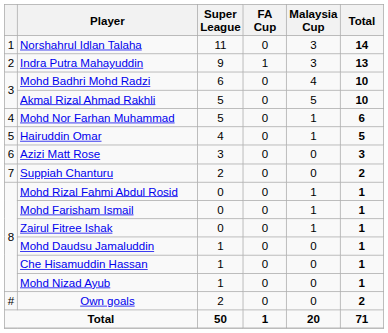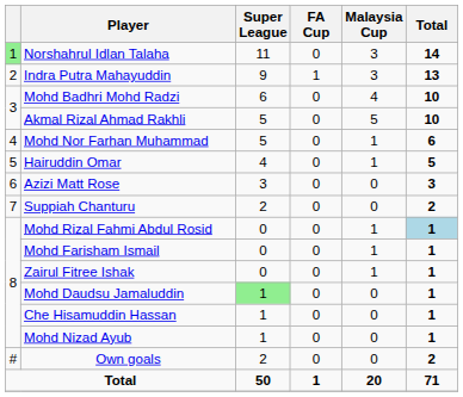 <table class="wikitable sortable" style="font-size: 95%; text-align: center;">
 <tr>
 <th width=10></th>
 <th width=230>Player</th>
 <th width=50>Super League</th>
 <th width=50>FA Cup</th>
 <th width=50>Malaysia Cup</th>
 <th width=50>Total</th>
 </tr>
 <tr>
-<td align=center rowspan=1>1</td>
+<td align=center rowspan=1 style="background: lightgreen;">1</td>
 <td align=left>  <a href='#'>Norshahrul Idlan Talaha</a></td>
 <td align=center>11</td>
 <td align=center>0</td>
 <td align=center>3</td>
 <td align=center><strong>14</strong></td>
 </tr>
 <tr>
 <td align=center rowspan=1>2</td>
 <td align=left>  <a href='#'>Indra Putra Mahayuddin</a></td>
 <td align=center>9</td>
 <td align=center>1</td>
 <td align=center>3</td>
 <td align=center><strong>13</strong></td>
 </tr>
 <tr>
 <td align=center rowspan=2>3</td>
 <td align=left>  <a href='#'>Mohd Badhri Mohd Radzi</a></td>
 <td align=center>6</td>
 <td align=center>0</td>
 <td align=center>4</td>
 <td align=center><strong>10</strong></td>
 </tr>
 <tr>
 <td align=left>  <a href='#'>Akmal Rizal Ahmad Rakhli</a></td>
 <td align=center>5</td>
 <td align=center>0</td>
 <td align=center>5</td>
 <td align=center><strong>10</strong></td>
 </tr>
 <tr>
 <td align=center rowspan=1>4</td>
 <td align=left>  <a href='#'>Mohd Nor Farhan Muhammad</a></td>
 <td align=center>5</td>
 <td align=center>0</td>
 <td align=center>1</td>
 <td align=center><strong>6</strong></td>
 </tr>
 <tr>
 <td align=center rowspan=1>5</td>
 <td align=left>  <a href='#'>Hairuddin Omar</a></td>
 <td align=center>4</td>
 <td align=center>0</td>
 <td align=center>1</td>
 <td align=center><strong>5</strong></td>
 </tr>
 <tr>
 <td align=center rowspan=1>6</td>
 <td align=left>  <a href='#'>Azizi Matt Rose</a></td>
 <td align=center>3</td>
 <td align=center>0</td>
 <td align=center>0</td>
 <td align=center><strong>3</strong></td>
 </tr>
 <tr>
 <td align=center rowspan=1>7</td>
 <td align=left>  <a href='#'>Suppiah Chanturu</a></td>
 <td align=center>2</td>
 <td align=center>0</td>
 <td align=center>0</td>
 <td align=center><strong>2</strong></td>
 </tr>
 <tr>
 <td align=center rowspan=6>8</td>
 <td align=left>  <a href='#'>Mohd Rizal Fahmi Abdul Rosid</a></td>
 <td align=center>0</td>
 <td align=center>0</td>
 <td align=center>1</td>
-<td align=center><strong>1</strong></td>
+<td align=center style="background: lightblue;"><strong>1</strong></td>
 </tr>
 <tr>
 <td align=left>  <a href='#'>Mohd Farisham Ismail</a></td>
 <td align=center>0</td>
 <td align=center>0</td>
 <td align=center>1</td>
 <td align=center><strong>1</strong></td>
 </tr>
 <tr>
 <td align=left>  <a href='#'>Zairul Fitree Ishak</a></td>
 <td align=center>0</td>
 <td align=center>0</td>
 <td align=center>1</td>
 <td align=center><strong>1</strong></td>
 </tr>
 <tr>
 <td align=left>  <a href='#'>Mohd Daudsu Jamaluddin</a></td>
-<td align=center>1</td>
+<td align=center style="background: lightgreen;">1</td>
 <td align=center>0</td>
 <td align=center>0</td>
 <td align=center><strong>1</strong></td>
 </tr>
 <tr>
 <td align=left>  <a href='#'>Che Hisamuddin Hassan</a></td>
 <td align=center>1</td>
 <td align=center>0</td>
 <td align=center>0</td>
 <td align=center><strong>1</strong></td>
 </tr>
 <tr>
 <td align=left>  <a href='#'>Mohd Nizad Ayub</a></td>
 <td align=center>1</td>
 <td align=center>0</td>
 <td align=center>0</td>
 <td align=center><strong>1</strong></td>
 </tr>
 <tr>
 <td>#</td>
 <td colspan="1"><a href='#'>Own goals</a></td>
 <td>2</td>
 <td>0</td>
 <td>0</td>
 <td><strong>2</strong></td>
 </tr>
 <tr>
 <td colspan=2><strong>Total</strong></td>
 <td align=center><strong>50</strong></td>
 <td align=center><strong>1</strong></td>
 <td align=center><strong>20</strong></td>
 <td align=center><strong>71</strong></td>
 </tr>
 <tr>
 </tr>
 </table>
